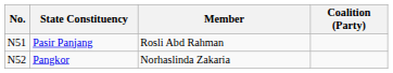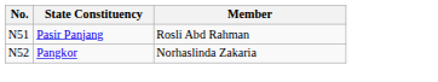 <table class="wikitable">
 <tr>
 <th width="30">No.</th>
 <th width="150">State Constituency</th>
 <th width="245">Member</th>
-<th width="105">Coalition (Party)</th>
 </tr>
 <tr>
 <td>N51</td>
 <td><a href='#'>Pasir Panjang</a></td>
 <td>Rosli Abd Rahman</td>
-<td></td>
 </tr>
 <tr>
 <td>N52</td>
 <td><a href='#'>Pangkor</a></td>
 <td>Norhaslinda Zakaria</td>
-<td></td>
 </tr>
 </table>
